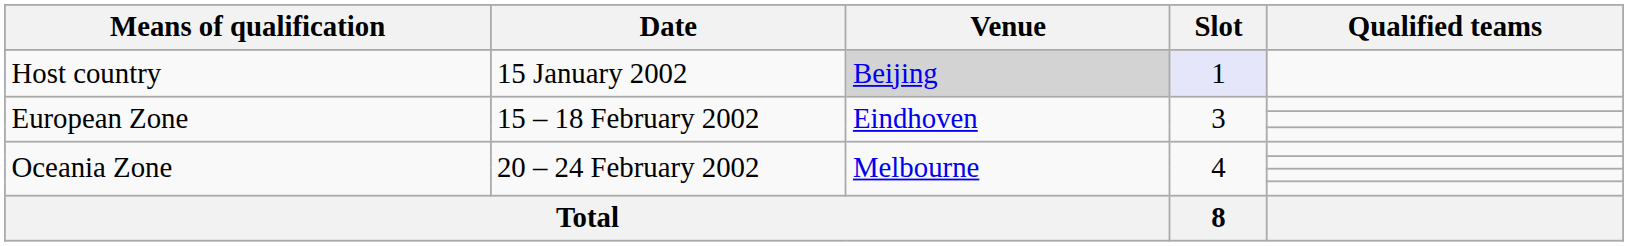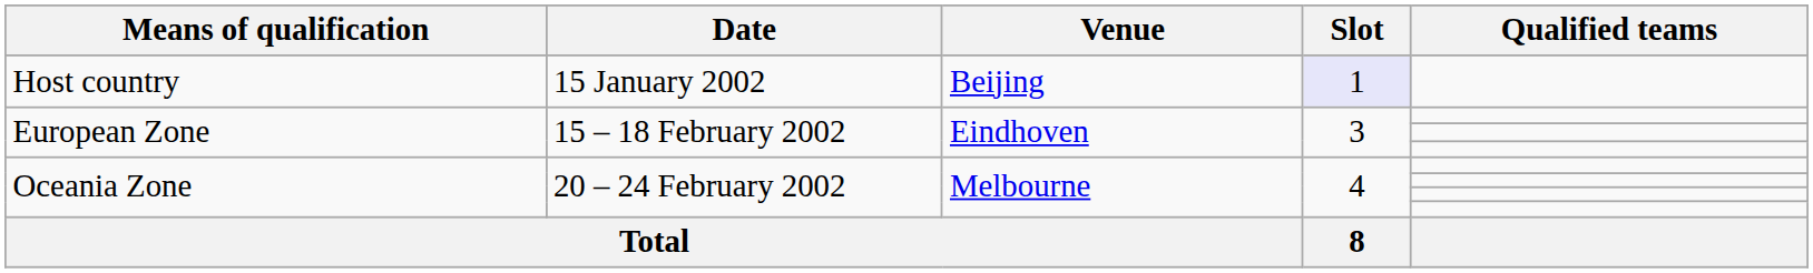 <table class="wikitable" width="900">
 <tr>
 <th width="30%">Means of qualification</th>
 <th width="22%">Date</th>
 <th width="20%">Venue</th>
 <th width="6%">Slot</th>
 <th width="22%">Qualified teams</th>
 </tr>
 <tr>
 <td>Host country</td>
 <td>15 January 2002</td>
-<td style="background: lightgrey;"><a href='#'>Beijing</a></td>
+<td><a href='#'>Beijing</a></td>
 <td align="center" style="background: lavender;">1</td>
 <td></td>
 </tr>
 <tr>
 <td rowspan="3">European Zone</td>
 <td rowspan="3">15 – 18 February 2002</td>
 <td rowspan="3"><a href='#'>Eindhoven</a></td>
 <td rowspan="3" align="center">3</td>
 <td></td>
 </tr>
 <tr>
 <td></td>
 </tr>
 <tr>
 <td></td>
 </tr>
 <tr>
 <td rowspan="4">Oceania Zone</td>
 <td rowspan="4">20 – 24 February 2002</td>
 <td rowspan="4"><a href='#'>Melbourne</a></td>
 <td rowspan="4" align="center">4</td>
 <td></td>
 </tr>
 <tr>
 <td></td>
 </tr>
 <tr>
 <td></td>
 </tr>
 <tr>
 <td></td>
 </tr>
 <tr>
 <th colspan="3">Total</th>
 <th>8</th>
 <th></th>
 </tr>
 </table>
